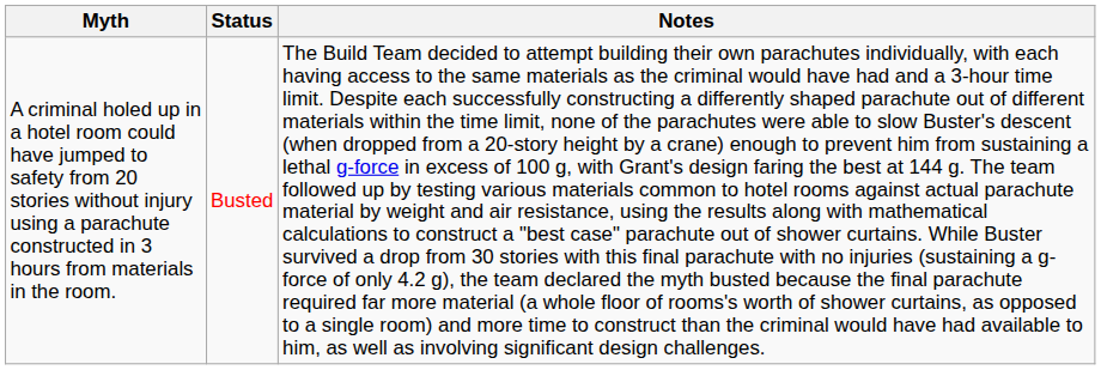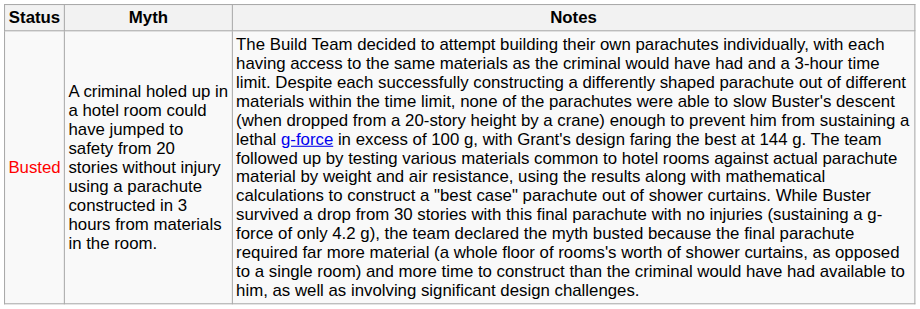 <table class="wikitable plainrowheaders">
 <tr>
+<th scope="col">Status</th>
 <th scope="col">Myth</th>
-<th scope="col">Status</th>
 <th scope="col">Notes</th>
 </tr>
 <tr>
+<td style="color:red">Busted</td>
 <td scope="row">A criminal holed up in a hotel room could have jumped to safety from 20 stories without injury using a parachute constructed in 3 hours from materials in the room.</td>
-<td style="color:red">Busted</td>
 <td>The Build Team decided to attempt building their own parachutes individually, with each having access to the same materials as the criminal would have had and a 3-hour time limit. Despite each successfully constructing a differently shaped parachute out of different materials within the time limit, none of the parachutes were able to slow Buster's descent (when dropped from a 20-story height by a crane) enough to prevent him from sustaining a lethal <a href='#'>g-force</a> in excess of 100 g, with Grant's design faring the best at 144 g. The team followed up by testing various materials common to hotel rooms against actual parachute material by weight and air resistance, using the results along with mathematical calculations to construct a "best case" parachute out of shower curtains. While Buster survived a drop from 30 stories with this final parachute with no injuries (sustaining a g-force of only 4.2 g), the team declared the myth busted because the final parachute required far more material (a whole floor of rooms's worth of shower curtains, as opposed to a single room) and more time to construct than the criminal would have had available to him, as well as involving significant design challenges.</td>
 </tr>
 </table>
